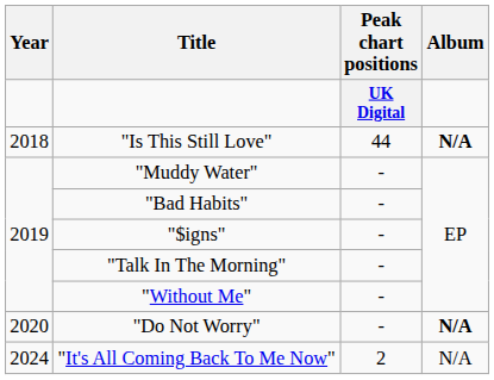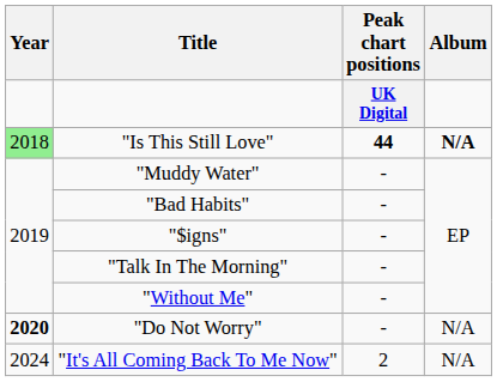 <table class="wikitable plainrowheaders" style="text-align:center">
 <tr>
 <th scope="col" rowspan="1">Year</th>
 <th scope="col" rowspan="1">Title</th>
 <th scope="col" colspan="1">Peak chart positions</th>
 <th scope="col" rowspan="1">Album</th>
 </tr>
 <tr>
 <td></td>
 <td></td>
 <th scope="col" style="width:3em;font-size:85%;"><a href='#'>UK Digital</a></th>
 <td></td>
 </tr>
 <tr>
-<td rowspan=1>2018</td>
+<td rowspan=1 style="background: lightgreen;">2018</td>
 <td>"Is This Still Love"</td>
-<td>44</td>
+<td><strong>44</strong></td>
 <td rowspan="1"><strong>N/A</strong></td>
 </tr>
 <tr>
 <td rowspan=5>2019</td>
 <td>"Muddy Water"</td>
 <td>-</td>
 <td rowspan="5">EP</td>
 </tr>
 <tr>
 <td>"Bad Habits"</td>
 <td>-</td>
 </tr>
 <tr>
 <td>"$igns"</td>
 <td>-</td>
 </tr>
 <tr>
 <td>"Talk In The Morning"</td>
 <td>-</td>
 </tr>
 <tr>
 <td>"<a href='#'>Without Me</a>"</td>
 <td>-</td>
 </tr>
 <tr>
-<td rowspan=1>2020</td>
+<td rowspan=1><strong>2020</strong></td>
 <td>"Do Not Worry"</td>
 <td>-</td>
-<td rowspan="1"><strong>N/A</strong></td>
+<td rowspan="1">N/A</td>
 </tr>
 <tr>
 <td rowspan=6>2024</td>
 <td>"<a href='#'>It's All Coming Back To Me Now</a>"</td>
 <td>2</td>
 <td rowspan="1">N/A</td>
 </tr>
 </table>
